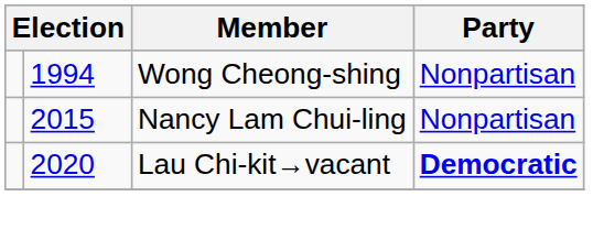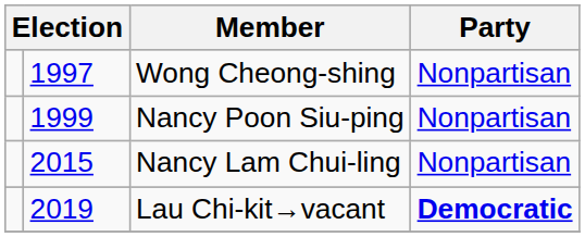 <table class="wikitable">
 <tr>
 <th colspan="2">Election</th>
 <th>Member</th>
 <th>Party</th>
 </tr>
 <tr>
 <td style="color:inherit;background:"></td>
-<td><a href='#'>1994</a></td>
+<td><a href='#'>1997</a></td>
 <td>Wong Cheong-shing</td>
+<td><a href='#'>Nonpartisan</a></td>
+</tr>
+<tr>
+<td style="color:inherit;background:"></td>
+<td><a href='#'>1999</a></td>
+<td>Nancy Poon Siu-ping</td>
 <td><a href='#'>Nonpartisan</a></td>
 </tr>
 <tr>
 <td style="color:inherit;background:"></td>
 <td><a href='#'>2015</a></td>
 <td>Nancy Lam Chui-ling</td>
 <td><a href='#'>Nonpartisan</a></td>
 </tr>
 <tr>
 <td style="color:inherit;background:"></td>
-<td><a href='#'>2020</a></td>
+<td><a href='#'>2019</a></td>
 <td>Lau Chi-kit→vacant</td>
 <td><strong><a href='#'>Democratic</a></strong></td>
 </tr>
 <tr>
 </tr>
 </table>
